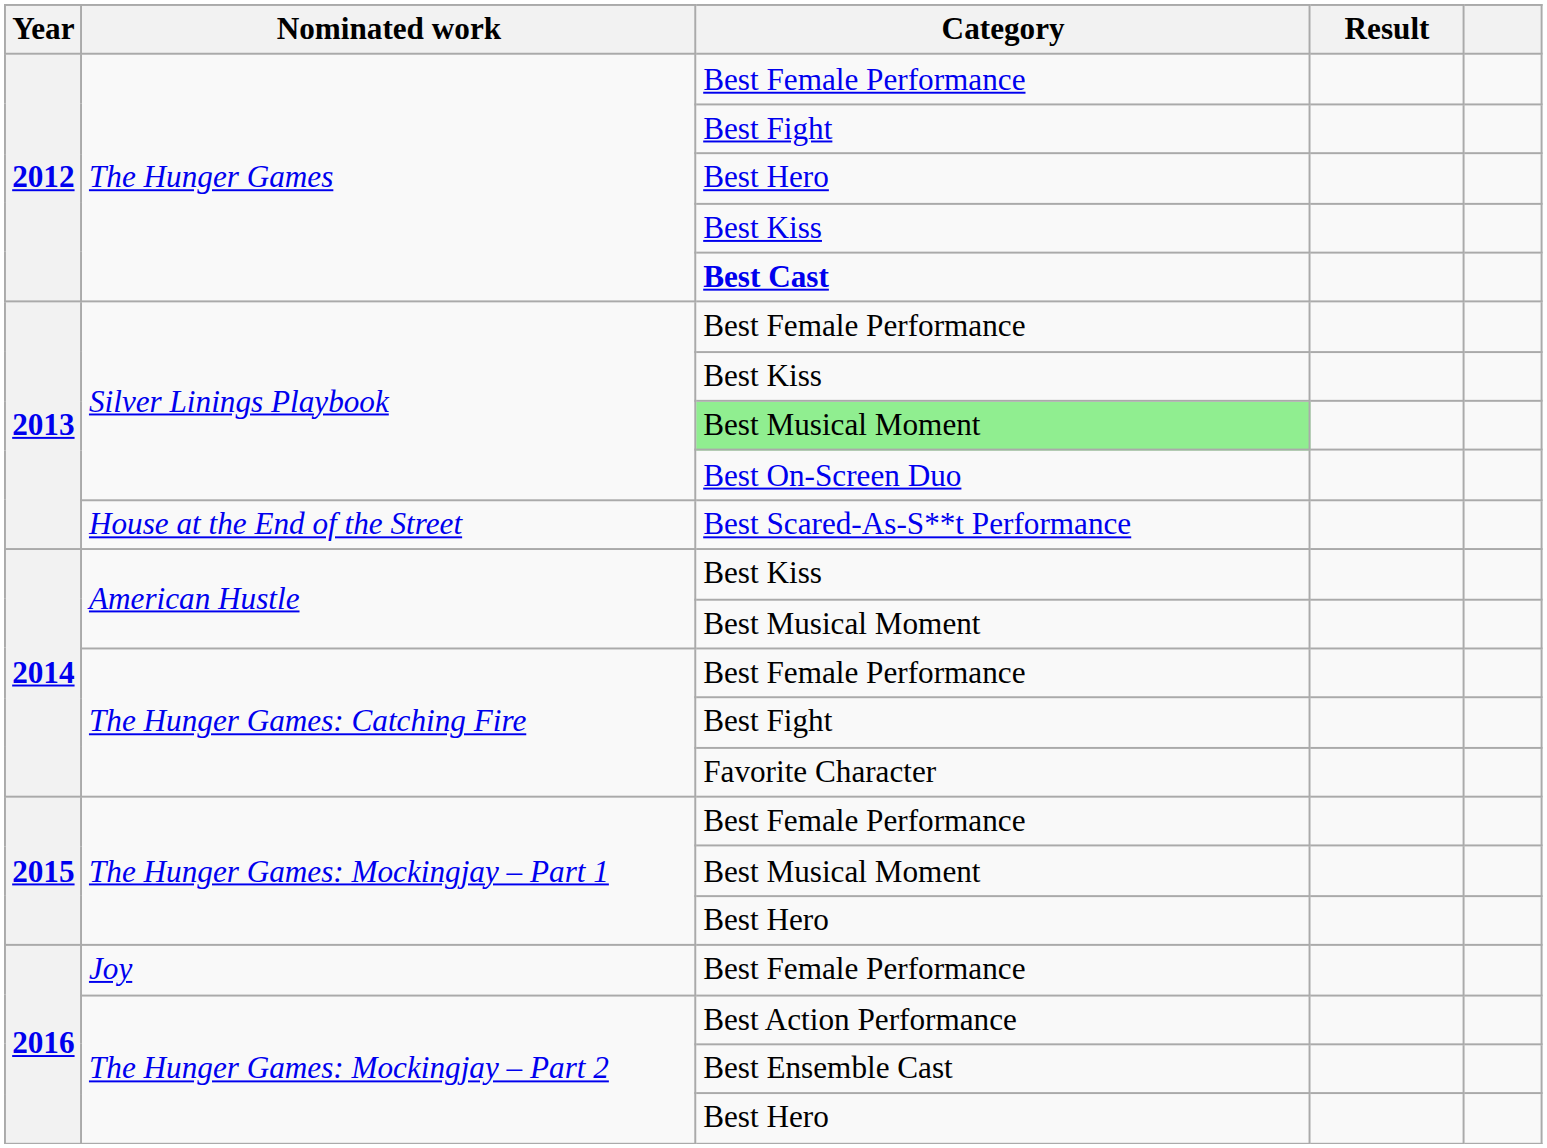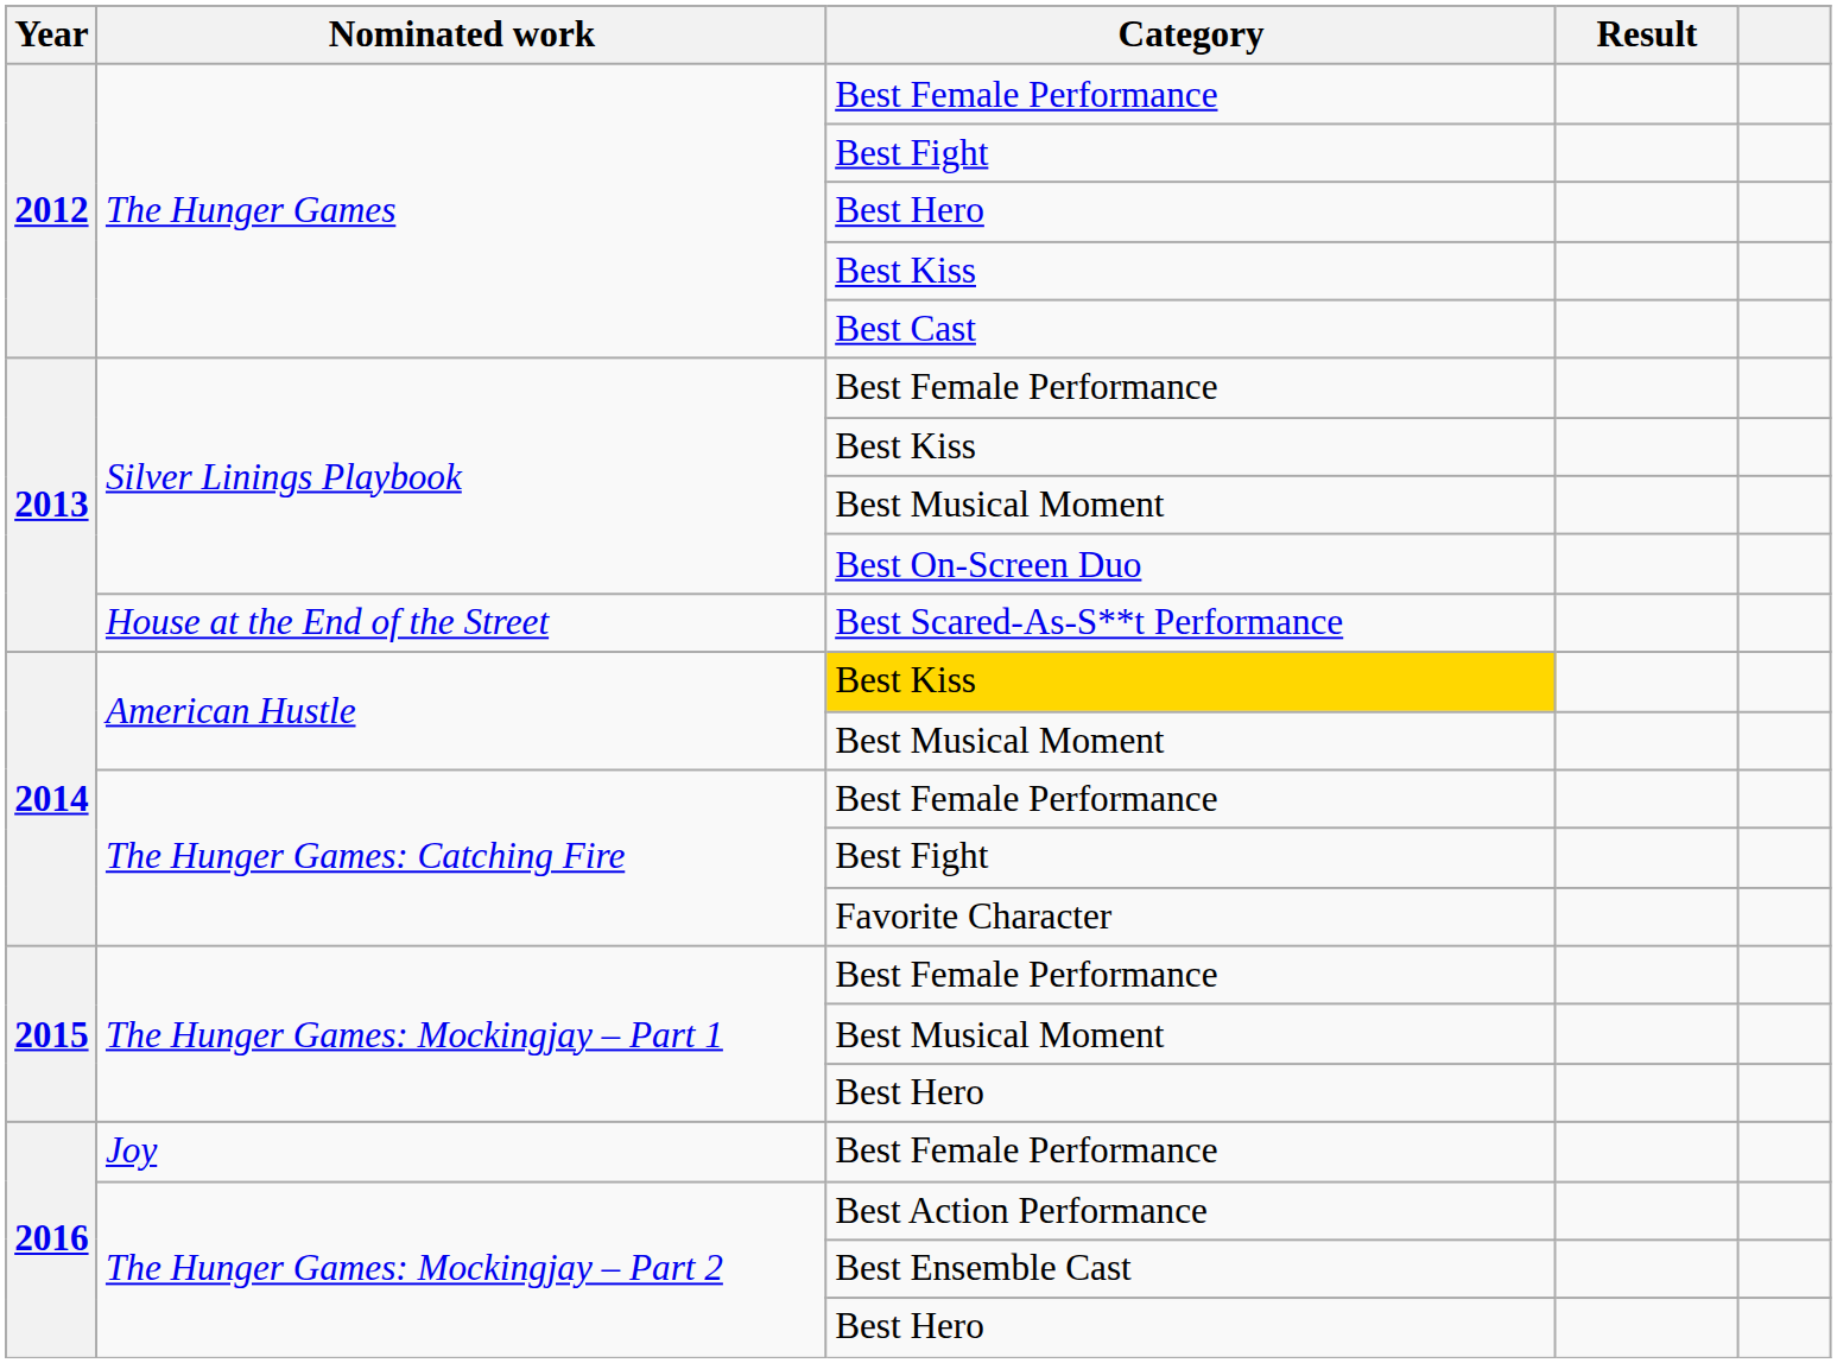 <table class="wikitable plainrowheaders">
 <tr>
 <th scope="col" style="width:5%;">Year</th>
 <th scope="col" style="width:40%;">Nominated work</th>
 <th scope="col" style="width:40%;">Category</th>
 <th scope="col" style="width:10%;">Result</th>
 <th scope="col" style="width:5%;"></th>
 </tr>
 <tr>
 <th scope="row" style="text-align:center;" rowspan="5"><a href='#'>2012</a></th>
 <td rowspan="5" style="text-align:left;"><em><a href='#'>The Hunger Games</a></em></td>
 <td><a href='#'>Best Female Performance</a></td>
 <td></td>
 <td style="text-align:center;"></td>
 </tr>
 <tr>
 <td><a href='#'>Best Fight</a></td>
 <td></td>
 <td style="text-align:center;"></td>
 </tr>
 <tr>
 <td><a href='#'>Best Hero</a></td>
 <td></td>
 <td style="text-align:center;"></td>
 </tr>
 <tr>
 <td><a href='#'>Best Kiss</a></td>
 <td></td>
 <td style="text-align:center;"></td>
 </tr>
 <tr>
-<td><strong><a href='#'>Best Cast</a></strong></td>
+<td><a href='#'>Best Cast</a></td>
 <td></td>
 <td style="text-align:center;"></td>
 </tr>
 <tr>
 <th scope="row" style="text-align:center;" rowspan="5"><a href='#'>2013</a></th>
 <td rowspan="4" style="text-align:left;"><em><a href='#'>Silver Linings Playbook</a></em></td>
 <td>Best Female Performance</td>
 <td></td>
 <td style="text-align:center;"></td>
 </tr>
 <tr>
 <td>Best Kiss</td>
 <td></td>
 <td style="text-align:center;"></td>
 </tr>
 <tr>
-<td style="background: lightgreen;">Best Musical Moment</td>
+<td>Best Musical Moment</td>
 <td></td>
 <td style="text-align:center;"></td>
 </tr>
 <tr>
 <td><a href='#'>Best On-Screen Duo</a></td>
 <td></td>
 <td style="text-align:center;"></td>
 </tr>
 <tr>
 <td style="text-align:left;"><em><a href='#'>House at the End of the Street</a></em></td>
 <td><a href='#'>Best Scared-As-S**t Performance</a></td>
 <td></td>
 <td style="text-align:center;"></td>
 </tr>
 <tr>
 <th scope="row" style="text-align:center;" rowspan="5"><a href='#'>2014</a></th>
 <td rowspan="2" style="text-align:left;"><em><a href='#'>American Hustle</a></em></td>
-<td>Best Kiss</td>
+<td style="background: gold;">Best Kiss</td>
 <td></td>
 <td style="text-align:center;"></td>
 </tr>
 <tr>
 <td>Best Musical Moment</td>
 <td></td>
 <td style="text-align:center;"></td>
 </tr>
 <tr>
 <td rowspan="3" style="text-align:left;"><em><a href='#'>The Hunger Games: Catching Fire</a></em></td>
 <td>Best Female Performance</td>
 <td></td>
 <td style="text-align:center;"></td>
 </tr>
 <tr>
 <td>Best Fight</td>
 <td></td>
 <td style="text-align:center;"></td>
 </tr>
 <tr>
 <td>Favorite Character</td>
 <td></td>
 <td style="text-align:center;"></td>
 </tr>
 <tr>
 <th scope="row" style="text-align:center;" rowspan="3"><a href='#'>2015</a></th>
 <td rowspan="3" style="text-align:left;"><em><a href='#'>The Hunger Games: Mockingjay – Part 1</a></em></td>
 <td>Best Female Performance</td>
 <td></td>
 <td style="text-align:center;"></td>
 </tr>
 <tr>
 <td>Best Musical Moment</td>
 <td></td>
 <td style="text-align:center;"></td>
 </tr>
 <tr>
 <td>Best Hero</td>
 <td></td>
 <td style="text-align:center;"></td>
 </tr>
 <tr>
 <th scope="row" style="text-align:center;" rowspan="4"><a href='#'>2016</a></th>
 <td style="text-align:left;"><em><a href='#'>Joy</a></em></td>
 <td>Best Female Performance</td>
 <td></td>
 <td style="text-align:center;"></td>
 </tr>
 <tr>
 <td rowspan="3" style="text-align:left;"><em><a href='#'>The Hunger Games: Mockingjay – Part 2</a></em></td>
 <td>Best Action Performance</td>
 <td></td>
 <td style="text-align:center;"></td>
 </tr>
 <tr>
 <td>Best Ensemble Cast</td>
 <td></td>
 <td style="text-align:center;"></td>
 </tr>
 <tr>
 <td>Best Hero</td>
 <td></td>
 <td style="text-align:center;"></td>
 </tr>
 </table>
